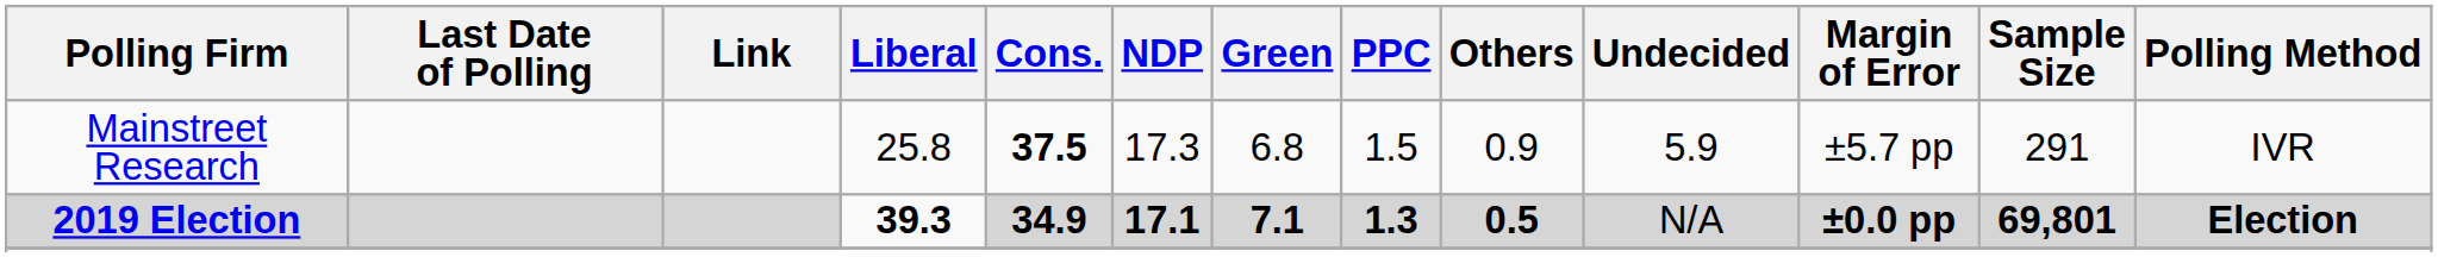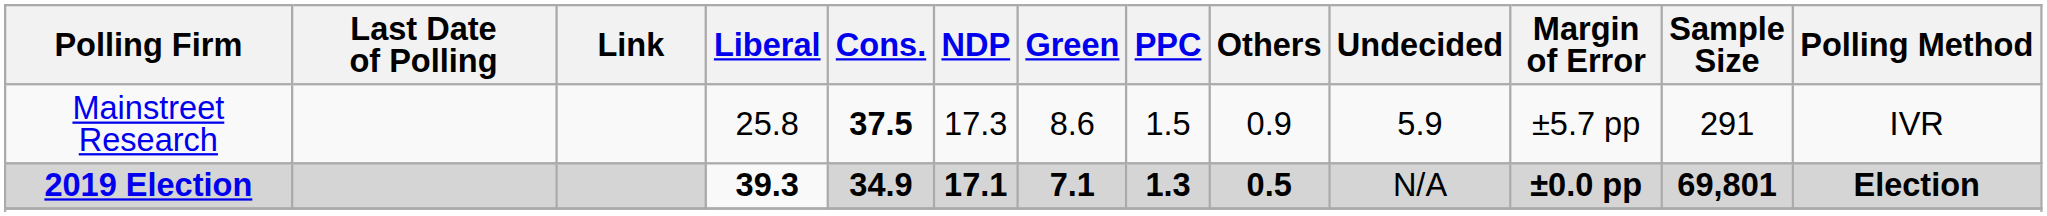 <table class="wikitable sortable" style="text-align:center;font-size:90%;line-height:14px;">
 <tr style="background:#e9e9e9;">
 <th style="width:120px">Polling Firm</th>
 <th style="width:110px">Last Date<br>of Polling</th>
 <th style="width:60px" class="unsortable">Link</th>
 <th style="background-color:"><a href='#'>Liberal</a></th>
 <th style="background-color:"><a href='#'>Cons.</a></th>
 <th style="background-color:"><a href='#'>NDP</a></th>
 <th style="background-color:"><a href='#'>Green</a></th>
 <th style="background-color:"><a href='#'><span>PPC</span></a></th>
 <th style="background-color:">Others</th>
 <th style="background-color:">Undecided</th>
 <th style="width:60px;" class=unsortable>Margin<br>of Error</th>
 <th style="width:50px;" class=unsortable>Sample<br>Size</th>
 <th class=unsortable>Polling Method</th>
 </tr>
 <tr>
 <td><a href='#'>Mainstreet Research</a></td>
 <td></td>
 <td></td>
 <td>25.8</td>
 <td><strong>37.5</strong></td>
 <td>17.3</td>
-<td>6.8</td>
+<td>8.6</td>
 <td>1.5</td>
 <td>0.9</td>
 <td>5.9</td>
 <td>±5.7 pp</td>
 <td>291</td>
 <td>IVR</td>
 </tr>
 <tr>
 <td style="background:#D5D5D5"><strong><a href='#'>2019 Election</a></strong></td>
 <td style="background:#D5D5D5"><strong></strong></td>
 <td style="background:#D5D5D5"></td>
 <td><strong>39.3</strong></td>
 <td style="background:#D5D5D5"><strong>34.9</strong></td>
 <td style="background:#D5D5D5"><strong>17.1</strong></td>
 <td style="background:#D5D5D5"><strong>7.1</strong></td>
 <td style="background:#D5D5D5"><strong>1.3</strong></td>
 <td style="background:#D5D5D5"><strong>0.5</strong></td>
 <td style="background:#D5D5D5">N/A</td>
 <td style="background:#D5D5D5"><strong>±0.0 pp</strong></td>
 <td style="background:#D5D5D5"><strong>69,801</strong></td>
 <td style="background:#D5D5D5"><strong>Election</strong></td>
 </tr>
 <tr>
 </tr>
 <tr>
 </tr>
 </table>
